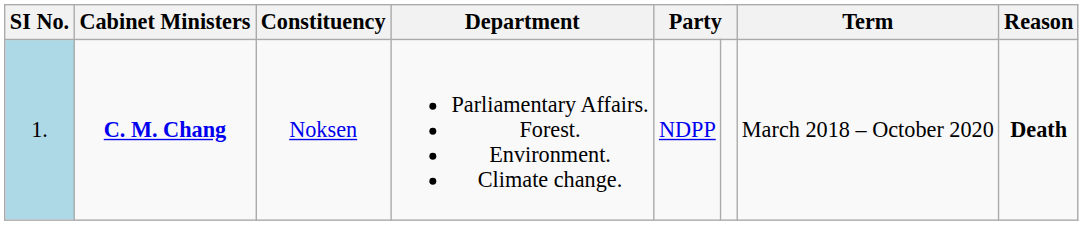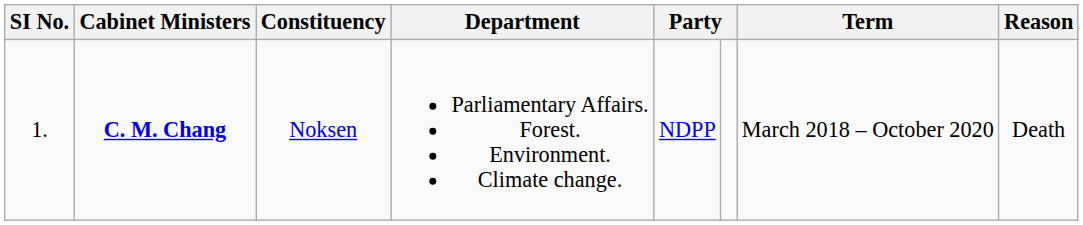 <table class = "wikitable">
 <tr>
 <th>SI No.</th>
 <th>Cabinet Ministers</th>
 <th>Constituency</th>
 <th>Department</th>
 <th colspan="2" scope="col">Party</th>
 <th>Term</th>
 <th>Reason</th>
 </tr>
 <tr style="text-align:center; height:60px;">
-<td style="background: lightblue;">1.</td>
+<td>1.</td>
 <td><strong><a href='#'>C. M. Chang</a></strong></td>
 <td><a href='#'>Noksen</a></td>
 <td><br><ul><li>Parliamentary Affairs.</li><li>Forest.</li><li>Environment.</li><li>Climate change.</li></ul></td>
 <td><a href='#'>NDPP</a></td>
 <td width="4px"></td>
 <td>March 2018 – October 2020</td>
-<td><strong>Death</strong></td>
+<td>Death</td>
 </tr>
 </table>
